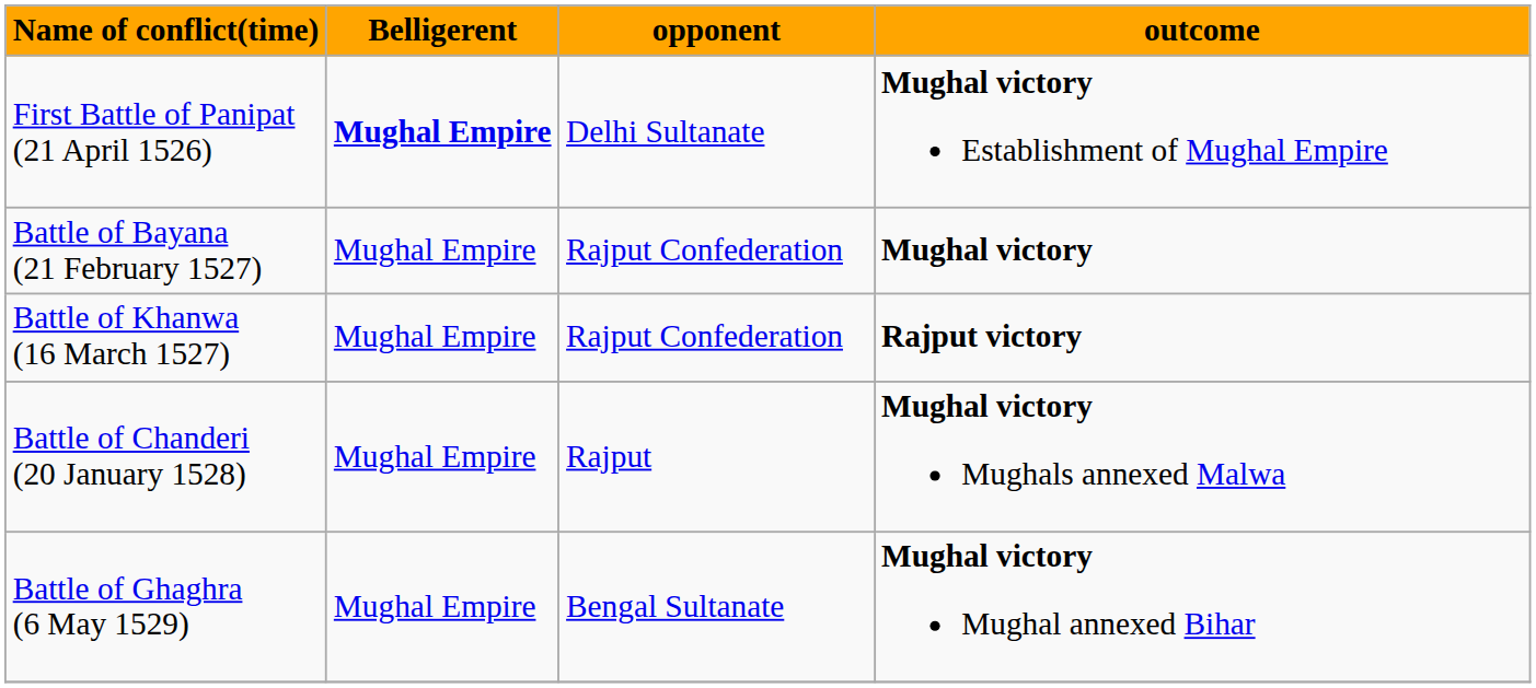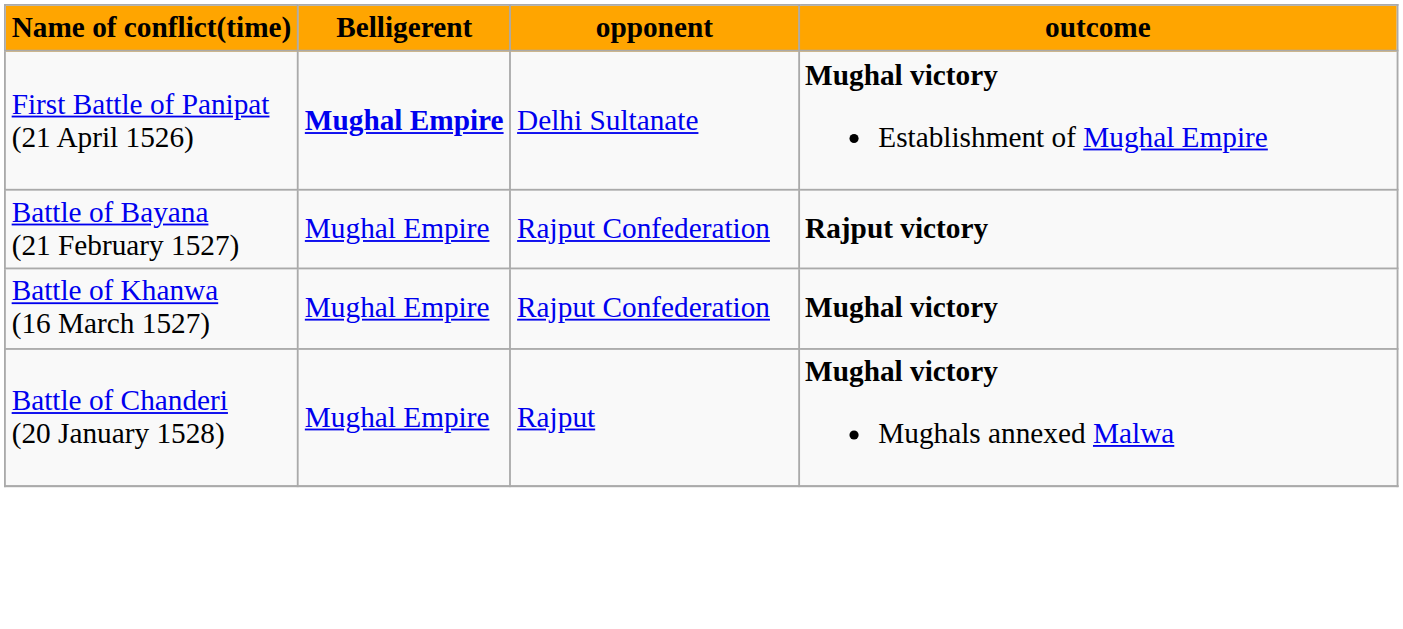 <table class="wikitable">
 <tr>
 <th style="background:orange;"><span>Name of conflict(time)</span></th>
 <th style="background:orange;widh:150px;"><span>Belligerent</span></th>
 <th style="background:orange;width:150px;"><span> opponent</span></th>
 <th style="background:orange;width:320px;"><span> outcome</span></th>
 </tr>
 <tr>
 <td><a href='#'>First Battle of Panipat</a><br> (21 April 1526)</td>
 <td><strong> <a href='#'>Mughal Empire</a></strong></td>
 <td><a href='#'>Delhi Sultanate</a></td>
 <td><strong>Mughal victory</strong><br><ul><li>Establishment of <a href='#'>Mughal Empire</a></li></ul></td>
 </tr>
 <tr>
 <td><a href='#'>Battle of Bayana</a><br>(21 February 1527)</td>
 <td> <a href='#'>Mughal Empire</a></td>
 <td> <a href='#'>Rajput Confederation</a></td>
-<td><strong>Mughal victory</strong></td>
+<td><strong>Rajput victory</strong></td>
 </tr>
 <tr>
 <td><a href='#'>Battle of Khanwa</a><br>(16 March 1527)</td>
 <td> <a href='#'>Mughal Empire</a></td>
 <td><a href='#'>Rajput Confederation</a></td>
-<td><strong>Rajput victory</strong></td>
+<td><strong>Mughal victory</strong></td>
 </tr>
 <tr>
 <td><a href='#'>Battle of Chanderi</a><br>(20 January 1528)</td>
 <td> <a href='#'>Mughal Empire</a></td>
 <td><a href='#'>Rajput</a></td>
 <td><strong>Mughal victory</strong><br><ul><li>Mughals annexed <a href='#'>Malwa</a></li></ul></td>
 </tr>
 <tr>
-<td><a href='#'>Battle of Ghaghra</a><br>(6 May 1529)</td>
-<td> <a href='#'>Mughal Empire</a></td>
-<td><a href='#'>Bengal Sultanate</a></td>
-<td><strong>Mughal victory</strong><br><ul><li>Mughal annexed <a href='#'>Bihar</a></li></ul></td>
-</tr>
-<tr>
 </tr>
 </table>
